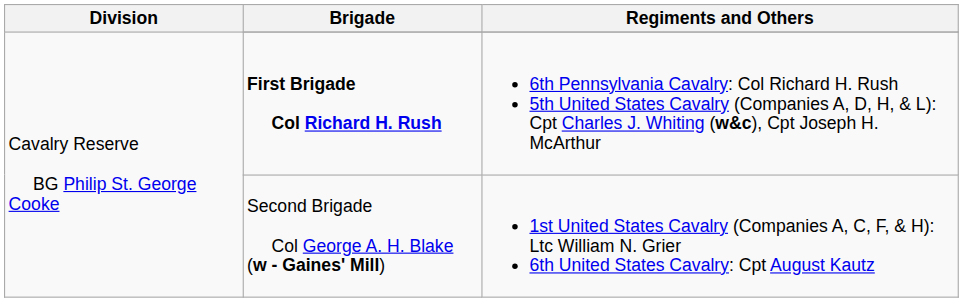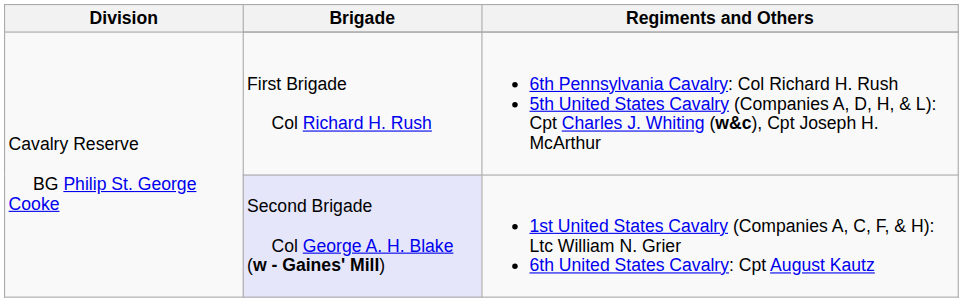 <table class="wikitable">
 <tr>
 <th width=25%>Division</th>
 <th width=25%>Brigade</th>
 <th>Regiments and Others</th>
 </tr>
 <tr>
 <td rowspan=3><br>Cavalry Reserve<br><br>     BG <a href='#'>Philip St. George Cooke</a></td>
 </tr>
 <tr>
-<td><strong>First Brigade<br><br>     Col <a href='#'>Richard H. Rush</a></strong></td>
+<td>First Brigade<br><br>     Col <a href='#'>Richard H. Rush</a></td>
 <td><br><ul><li><a href='#'>6th Pennsylvania Cavalry</a>: Col Richard H. Rush</li><li><a href='#'>5th United States Cavalry</a> (Companies A, D, H, & L): Cpt <a href='#'>Charles J. Whiting</a> (<strong>w&c</strong>), Cpt Joseph H. McArthur</li></ul></td>
 </tr>
 <tr>
-<td>Second  Brigade<br><br>     Col <a href='#'>George A. H. Blake</a> (<strong>w - Gaines' Mill</strong>)</td>
+<td style="background: lavender;">Second  Brigade<br><br>     Col <a href='#'>George A. H. Blake</a> (<strong>w - Gaines' Mill</strong>)</td>
 <td><br><ul><li><a href='#'>1st United States Cavalry</a> (Companies A, C, F, & H): Ltc William N. Grier</li><li><a href='#'>6th United States Cavalry</a>: Cpt <a href='#'>August Kautz</a></li></ul></td>
 </tr>
 </table>
